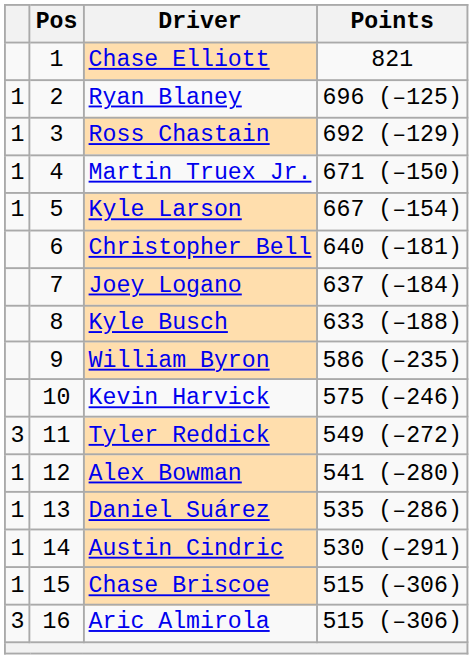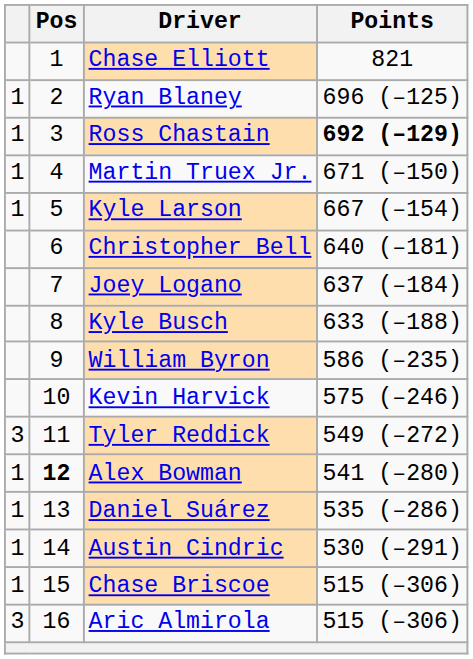 <table class="wikitable" style="font-size: 95%">
 <tr>
 <th></th>
 <th>Pos</th>
 <th>Driver</th>
 <th>Points</th>
 </tr>
 <tr>
 <td align="left"></td>
 <td style="text-align:center;">1</td>
 <td style="background:#FFDEAD;"><a href='#'>Chase Elliott</a></td>
 <td style="text-align:center;">821</td>
 </tr>
 <tr>
 <td align="left"> 1</td>
 <td style="text-align:center;">2</td>
 <td><a href='#'>Ryan Blaney</a></td>
 <td style="text-align:center;">696 (–125)</td>
 </tr>
 <tr>
 <td align="left"> 1</td>
 <td style="text-align:center;">3</td>
 <td style="background:#FFDEAD;"><a href='#'>Ross Chastain</a></td>
-<td style="text-align:center;">692 (–129)</td>
+<td style="text-align:center;"><strong>692 (–129)</strong></td>
 </tr>
 <tr>
 <td align="left"> 1</td>
 <td style="text-align:center;">4</td>
 <td><a href='#'>Martin Truex Jr.</a></td>
 <td style="text-align:center;">671 (–150)</td>
 </tr>
 <tr>
 <td align="left"> 1</td>
 <td style="text-align:center;">5</td>
 <td style="background:#FFDEAD;"><a href='#'>Kyle Larson</a></td>
 <td style="text-align:center;">667 (–154)</td>
 </tr>
 <tr>
 <td align="left"></td>
 <td style="text-align:center;">6</td>
 <td style="background:#FFDEAD;"><a href='#'>Christopher Bell</a></td>
 <td style="text-align:center;">640 (–181)</td>
 </tr>
 <tr>
 <td align="left"></td>
 <td style="text-align:center;">7</td>
 <td style="background:#FFDEAD;"><a href='#'>Joey Logano</a></td>
 <td style="text-align:center;">637 (–184)</td>
 </tr>
 <tr>
 <td align="left"></td>
 <td style="text-align:center;">8</td>
 <td style="background:#FFDEAD;"><a href='#'>Kyle Busch</a></td>
 <td style="text-align:center;">633 (–188)</td>
 </tr>
 <tr>
 <td align="left"></td>
 <td style="text-align:center;">9</td>
 <td style="background:#FFDEAD;"><a href='#'>William Byron</a></td>
 <td style="text-align:center;">586 (–235)</td>
 </tr>
 <tr>
 <td align="left"></td>
 <td style="text-align:center;">10</td>
 <td><a href='#'>Kevin Harvick</a></td>
 <td style="text-align:center;">575 (–246)</td>
 </tr>
 <tr>
 <td align="left"> 3</td>
 <td style="text-align:center;">11</td>
 <td style="background:#FFDEAD;"><a href='#'>Tyler Reddick</a></td>
 <td style="text-align:center;">549 (–272)</td>
 </tr>
 <tr>
 <td align="left"> 1</td>
-<td style="text-align:center;">12</td>
+<td style="text-align:center;"><strong>12</strong></td>
 <td style="background:#FFDEAD;"><a href='#'>Alex Bowman</a></td>
 <td style="text-align:center;">541 (–280)</td>
 </tr>
 <tr>
 <td align="left"> 1</td>
 <td style="text-align:center;">13</td>
 <td style="background:#FFDEAD;"><a href='#'>Daniel Suárez</a></td>
 <td style="text-align:center;">535 (–286)</td>
 </tr>
 <tr>
 <td align="left"> 1</td>
 <td style="text-align:center;">14</td>
 <td style="background:#FFDEAD;"><a href='#'>Austin Cindric</a></td>
 <td style="text-align:center;">530 (–291)</td>
 </tr>
 <tr>
 <td align="left"> 1</td>
 <td style="text-align:center;">15</td>
 <td style="background:#FFDEAD;"><a href='#'>Chase Briscoe</a></td>
 <td style="text-align:center;">515 (–306)</td>
 </tr>
 <tr>
 <td align="left"> 3</td>
 <td style="text-align:center;">16</td>
 <td><a href='#'>Aric Almirola</a></td>
 <td style="text-align:center;">515 (–306)</td>
 </tr>
 <tr class="sortbottom">
 <th colspan="9"></th>
 </tr>
 </table>
